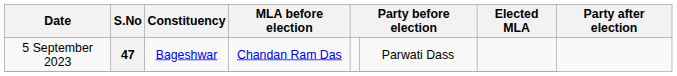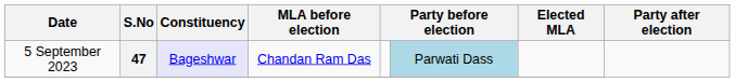 <table class="wikitable sortable" style="text-align:center;">
 <tr>
 <th>Date</th>
 <th>S.No</th>
 <th>Constituency</th>
 <th>MLA before election</th>
 <th colspan="2">Party before election</th>
 <th>Elected MLA</th>
 <th colspan="2">Party after election</th>
 </tr>
 <tr>
 <td>5 September 2023</td>
 <th>47</th>
-<td><a href='#'>Bageshwar</a></td>
+<td style="background: lavender;"><a href='#'>Bageshwar</a></td>
 <td><a href='#'>Chandan Ram Das</a></td>
 <td></td>
-<td>Parwati Dass</td>
+<td style="background: lightblue;">Parwati Dass</td>
 <td></td>
 </tr>
 <tr>
 </tr>
 </table>
